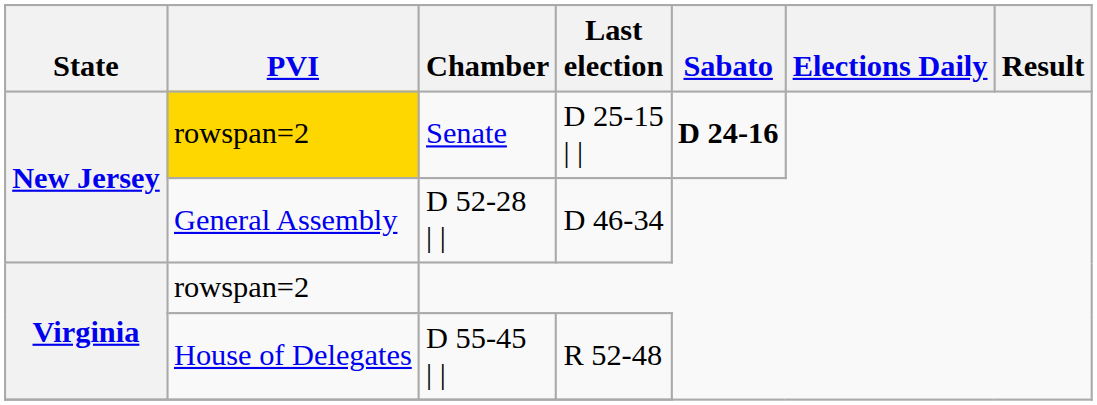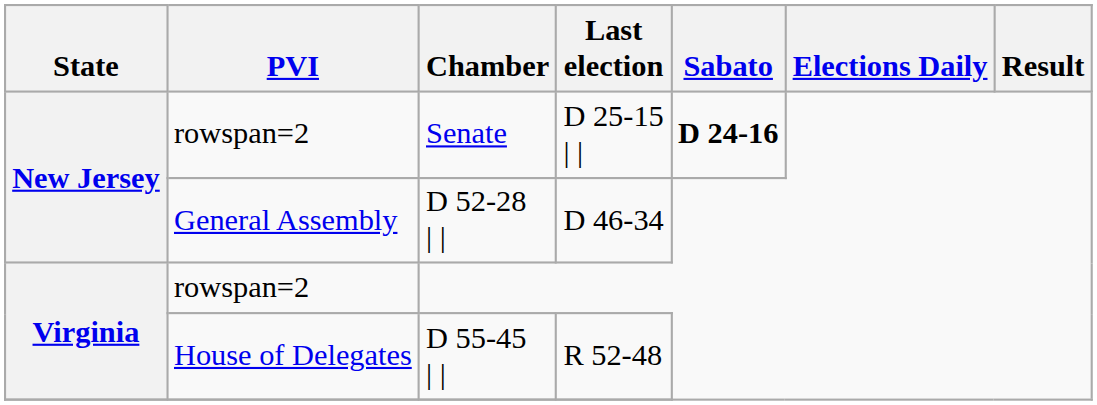 <table class="wikitable sortable" style="font-size:90%;">
 <tr style="vertical-align:bottom">
 <th>State</th>
 <th><a href='#'>PVI</a></th>
 <th>Chamber</th>
 <th data-sort-type="number">Last<br>election</th>
 <th><a href='#'>Sabato</a><br></th>
 <th><a href='#'>Elections Daily</a><br></th>
 <th>Result</th>
 </tr>
 <tr>
 <th rowspan=2><a href='#'>New Jersey</a></th>
-<td style="background: gold;">rowspan=2 </td>
+<td>rowspan=2 </td>
 <td><a href='#'>Senate</a></td>
 <td>D 25-15<br>|  | </td>
 <td><strong>D 24-16</strong></td>
 </tr>
 <tr>
 <td><a href='#'>General Assembly</a></td>
 <td>D 52-28<br>|  | </td>
 <td>D 46-34</td>
 </tr>
 <tr>
 <th rowspan=2><a href='#'>Virginia</a></th>
 <td>rowspan=2 </td>
 </tr>
 <tr>
 <td><a href='#'>House of Delegates</a></td>
 <td>D 55-45<br>|  | </td>
 <td>R 52-48</td>
 </tr>
 <tr>
 </tr>
 </table>
